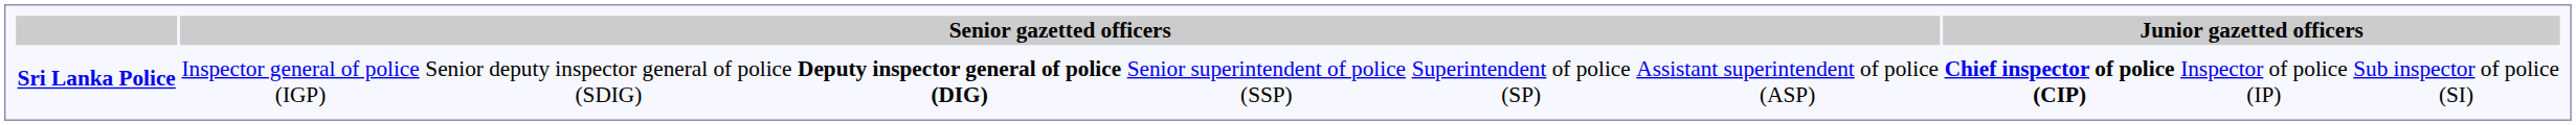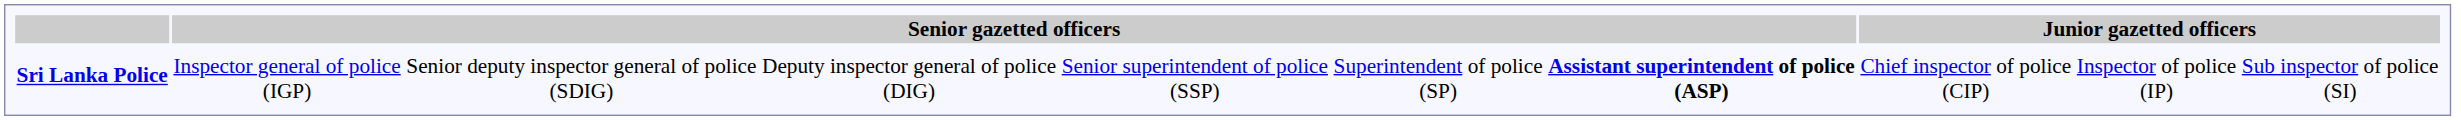 <table style="border:1px solid #8888aa; background:#f7f8ff; padding:5px; font-size:95%; margin:0 12px 12px 0;">
 <tr style="background:#ccc;">
 <th></th>
 <th colspan=6>Senior gazetted officers</th>
 <th colspan=3>Junior gazetted officers</th>
 </tr>
 <tr style="text-align:center">
 <th Rowspan=2> <a href='#'>Sri Lanka Police</a></th>
 <td></td>
 <td></td>
 <td></td>
 <td></td>
 <td></td>
 <td></td>
 <td></td>
 <td></td>
 <td></td>
 </tr>
 <tr style="text-align:center">
 <td><a href='#'>Inspector general of police</a><br>(IGP)</td>
 <td>Senior deputy inspector general of police<br>(SDIG)</td>
-<td><strong>Deputy inspector general of police<br>(DIG)</strong></td>
+<td>Deputy inspector general of police<br>(DIG)</td>
 <td><a href='#'>Senior superintendent of police</a><br>(SSP)</td>
 <td><a href='#'>Superintendent</a> of police<br>(SP)</td>
-<td><a href='#'>Assistant superintendent</a> of police<br>(ASP)</td>
-<td><strong><a href='#'>Chief inspector</a> of police<br>(CIP)</strong></td>
+<td><strong><a href='#'>Assistant superintendent</a> of police<br>(ASP)</strong></td>
+<td><a href='#'>Chief inspector</a> of police<br>(CIP)</td>
 <td><a href='#'>Inspector</a> of police<br>(IP)</td>
 <td><a href='#'>Sub inspector</a> of police<br>(SI)</td>
 </tr>
 </table>
